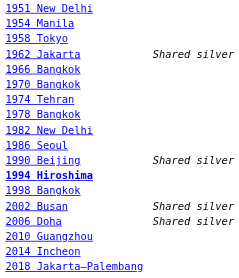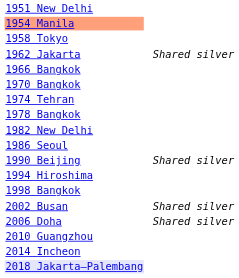 <table>
 <tr>
 <td><a href='#'>1951 New Delhi</a></td>
 <td></td>
 <td></td>
 <td></td>
 </tr>
 <tr>
-<td><a href='#'>1954 Manila</a></td>
+<td style="background: lightsalmon;"><a href='#'>1954 Manila</a></td>
 <td></td>
 <td></td>
 <td></td>
 </tr>
 <tr>
 <td><a href='#'>1958 Tokyo</a></td>
 <td></td>
 <td></td>
 <td></td>
 </tr>
 <tr>
 <td rowspan=2><a href='#'>1962 Jakarta</a></td>
 <td rowspan=2></td>
 <td></td>
 <td rowspan=2><em>Shared silver</em></td>
 </tr>
 <tr>
 <td></td>
 </tr>
 <tr>
 <td><a href='#'>1966 Bangkok</a></td>
 <td></td>
 <td></td>
 <td></td>
 </tr>
 <tr>
 <td><a href='#'>1970 Bangkok</a></td>
 <td></td>
 <td></td>
 <td></td>
 </tr>
 <tr>
 <td><a href='#'>1974 Tehran</a></td>
 <td></td>
 <td></td>
 <td></td>
 </tr>
 <tr>
 <td><a href='#'>1978 Bangkok</a></td>
 <td></td>
 <td></td>
 <td></td>
 </tr>
 <tr>
 <td><a href='#'>1982 New Delhi</a></td>
 <td></td>
 <td></td>
 <td></td>
 </tr>
 <tr>
 <td><a href='#'>1986 Seoul</a></td>
 <td></td>
 <td></td>
 <td></td>
 </tr>
 <tr>
 <td rowspan=2><a href='#'>1990 Beijing</a></td>
 <td rowspan=2></td>
 <td></td>
 <td rowspan=2><em>Shared silver</em></td>
 </tr>
 <tr>
 <td></td>
 </tr>
 <tr>
-<td><strong><a href='#'>1994 Hiroshima</a></strong></td>
+<td><a href='#'>1994 Hiroshima</a></td>
 <td></td>
 <td></td>
 <td></td>
 </tr>
 <tr>
 <td><a href='#'>1998 Bangkok</a></td>
 <td></td>
 <td></td>
 <td></td>
 </tr>
 <tr>
 <td rowspan=2><a href='#'>2002 Busan</a></td>
 <td rowspan=2></td>
 <td></td>
 <td rowspan=2><em>Shared silver</em></td>
 </tr>
 <tr>
 <td></td>
 </tr>
 <tr>
 <td rowspan=2><a href='#'>2006 Doha</a></td>
 <td rowspan=2></td>
 <td></td>
 <td rowspan=2><em>Shared silver</em></td>
 </tr>
 <tr>
 <td></td>
 </tr>
 <tr>
 <td rowspan=2><a href='#'>2010 Guangzhou</a></td>
 <td rowspan=2></td>
 <td rowspan=2></td>
 <td></td>
 </tr>
 <tr>
 <td></td>
 </tr>
 <tr>
 <td><a href='#'>2014 Incheon</a></td>
 <td></td>
 <td></td>
 <td></td>
 </tr>
 <tr>
-<td><a href='#'>2018 Jakarta–Palembang</a></td>
+<td style="background: lavender;"><a href='#'>2018 Jakarta–Palembang</a></td>
 <td></td>
 <td></td>
 <td></td>
 </tr>
 </table>
